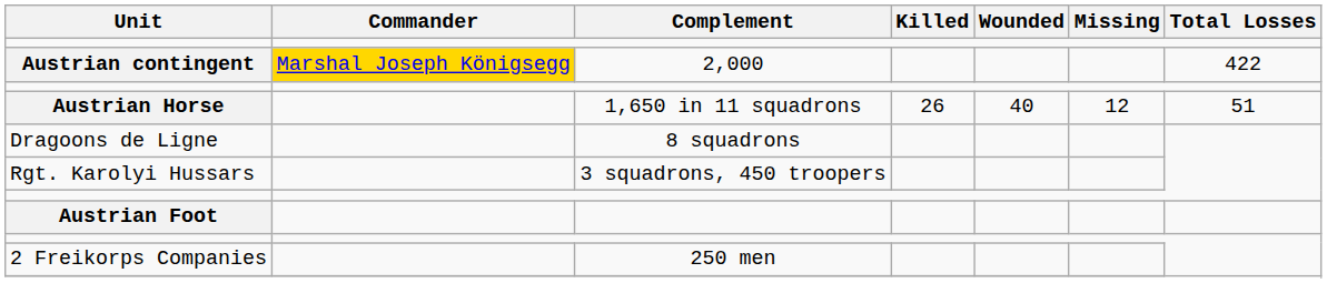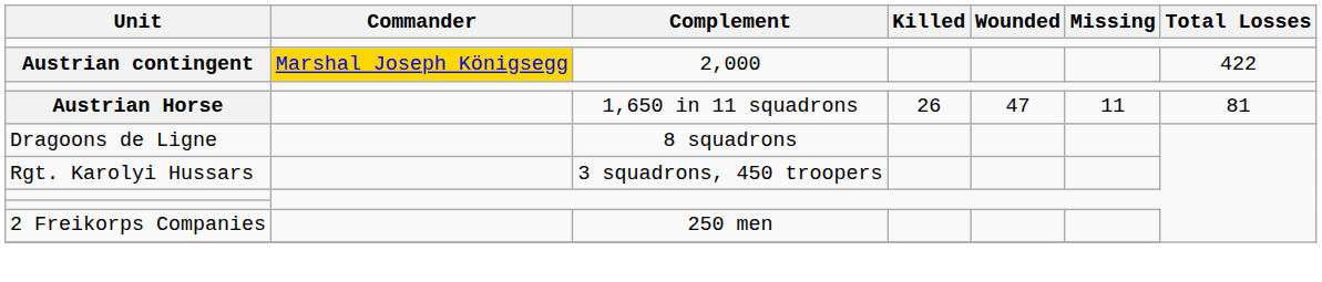 <table class="wikitable">
 <tr>
 <th>Unit</th>
 <th>Commander</th>
 <th>Complement</th>
 <th>Killed</th>
 <th>Wounded</th>
 <th>Missing</th>
 <th>Total Losses</th>
 </tr>
 <tr>
 <td align="center"></td>
 </tr>
 <tr>
 <th colspan="1" bgcolor="#f9f9f9;">Austrian contingent</th>
 <td align="center" style="background: gold;"><a href='#'>Marshal Joseph Königsegg</a></td>
 <td align="center">2,000</td>
 <td align="center"></td>
 <td align="center"></td>
 <td align="center"></td>
 <td align="center">422</td>
 </tr>
 <tr>
 <td align="center"></td>
 </tr>
 <tr>
 <th colspan="1" bgcolor="#f9f9f9;">Austrian Horse</th>
 <td align="center"></td>
 <td align="center">1,650 in 11 squadrons</td>
 <td align="center">26</td>
-<td align="center">40</td>
-<td align="center">12</td>
-<td align="center">51</td>
+<td align="center">47</td>
+<td align="center">11</td>
+<td align="center">81</td>
 </tr>
 <tr>
 <td>Dragoons de Ligne</td>
 <td align="center"></td>
 <td align="center">8 squadrons</td>
 <td align="center"></td>
 <td align="center"></td>
 <td align="center"></td>
 </tr>
 <tr>
 <td>Rgt. Karolyi Hussars</td>
 <td align="center"></td>
 <td align="center">3 squadrons, 450 troopers</td>
 <td align="center"></td>
 <td align="center"></td>
 <td align="center"></td>
 </tr>
 <tr>
 <td align="center"></td>
 </tr>
 <tr>
-<th colspan="1" bgcolor="#f9f9f9;">Austrian Foot</th>
-<td align="center"></td>
-<td align="center"></td>
-<td align="center"></td>
-<td align="center"></td>
-<td align="center"></td>
-<td align="center"></td>
-</tr>
-<tr>
 <td align="center"></td>
 </tr>
 <tr>
 <td>2 Freikorps Companies</td>
 <td align="center"></td>
 <td align="center">250 men</td>
 <td align="center"></td>
 <td align="center"></td>
 <td align="center"></td>
 </tr>
 <tr>
 </tr>
 </table>
